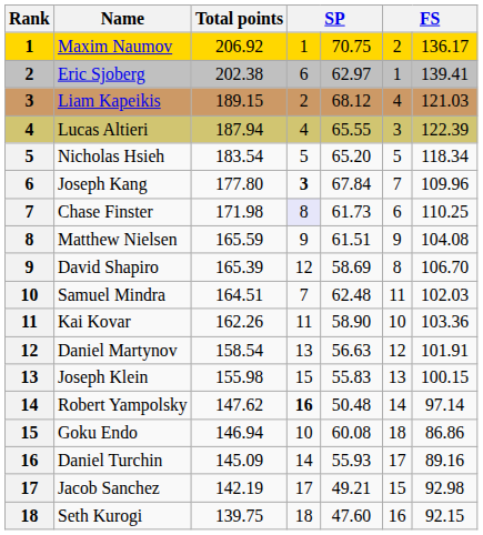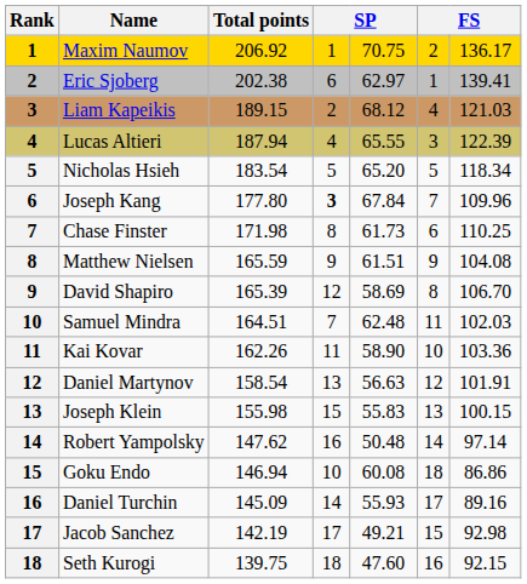 <table class="wikitable sortable">
 <tr>
 <th>Rank</th>
 <th>Name</th>
 <th>Total points</th>
 <th colspan="2" width="80px"><a href='#'>SP</a></th>
 <th colspan="2" width="80px"><a href='#'>FS</a></th>
 </tr>
 <tr bgcolor="gold">
 <td align="center"><strong>1</strong></td>
 <td><a href='#'>Maxim Naumov</a></td>
 <td align="center">206.92</td>
 <td align="center">1</td>
 <td align="center">70.75</td>
 <td align="center">2</td>
 <td align="center">136.17</td>
 </tr>
 <tr bgcolor="silver">
 <td align="center"><strong>2</strong></td>
 <td><a href='#'>Eric Sjoberg</a></td>
 <td align="center">202.38</td>
 <td align="center">6</td>
 <td align="center">62.97</td>
 <td align="center">1</td>
 <td align="center">139.41</td>
 </tr>
 <tr bgcolor="cc9966">
 <td align="center"><strong>3</strong></td>
 <td><a href='#'>Liam Kapeikis</a></td>
 <td align="center">189.15</td>
 <td align="center">2</td>
 <td align="center">68.12</td>
 <td align="center">4</td>
 <td align="center">121.03</td>
 </tr>
 <tr bgcolor="#d1c571">
 <td align="center"><strong>4</strong></td>
 <td>Lucas Altieri</td>
 <td align="center">187.94</td>
 <td align="center">4</td>
 <td align="center">65.55</td>
 <td align="center">3</td>
 <td align="center">122.39</td>
 </tr>
 <tr>
 <th>5</th>
 <td>Nicholas Hsieh</td>
 <td align="center">183.54</td>
 <td align="center">5</td>
 <td align="center">65.20</td>
 <td align="center">5</td>
 <td align="center">118.34</td>
 </tr>
 <tr>
 <th>6</th>
 <td>Joseph Kang</td>
 <td align="center">177.80</td>
 <td align="center"><strong>3</strong></td>
 <td align="center">67.84</td>
 <td align="center">7</td>
 <td align="center">109.96</td>
 </tr>
 <tr>
 <th>7</th>
 <td>Chase Finster</td>
 <td align="center">171.98</td>
-<td align="center" style="background: lavender;">8</td>
+<td align="center">8</td>
 <td align="center">61.73</td>
 <td align="center">6</td>
 <td align="center">110.25</td>
 </tr>
 <tr>
 <th>8</th>
 <td>Matthew Nielsen</td>
 <td align="center">165.59</td>
 <td align="center">9</td>
 <td align="center">61.51</td>
 <td align="center">9</td>
 <td align="center">104.08</td>
 </tr>
 <tr>
 <th>9</th>
 <td>David Shapiro</td>
 <td align="center">165.39</td>
 <td align="center">12</td>
 <td align="center">58.69</td>
 <td align="center">8</td>
 <td align="center">106.70</td>
 </tr>
 <tr>
 <th>10</th>
 <td>Samuel Mindra</td>
 <td align="center">164.51</td>
 <td align="center">7</td>
 <td align="center">62.48</td>
 <td align="center">11</td>
 <td align="center">102.03</td>
 </tr>
 <tr>
 <th>11</th>
 <td>Kai Kovar</td>
 <td align="center">162.26</td>
 <td align="center">11</td>
 <td align="center">58.90</td>
 <td align="center">10</td>
 <td align="center">103.36</td>
 </tr>
 <tr>
 <th>12</th>
 <td>Daniel Martynov</td>
 <td align="center">158.54</td>
 <td align="center">13</td>
 <td align="center">56.63</td>
 <td align="center">12</td>
 <td align="center">101.91</td>
 </tr>
 <tr>
 <th>13</th>
 <td>Joseph Klein</td>
 <td align="center">155.98</td>
 <td align="center">15</td>
 <td align="center">55.83</td>
 <td align="center">13</td>
 <td align="center">100.15</td>
 </tr>
 <tr>
 <th>14</th>
 <td>Robert Yampolsky</td>
 <td align="center">147.62</td>
-<td align="center"><strong>16</strong></td>
+<td align="center">16</td>
 <td align="center">50.48</td>
 <td align="center">14</td>
 <td align="center">97.14</td>
 </tr>
 <tr>
 <th>15</th>
 <td>Goku Endo</td>
 <td align="center">146.94</td>
 <td align="center">10</td>
 <td align="center">60.08</td>
 <td align="center">18</td>
 <td align="center">86.86</td>
 </tr>
 <tr>
 <th>16</th>
 <td>Daniel Turchin</td>
 <td align="center">145.09</td>
 <td align="center">14</td>
 <td align="center">55.93</td>
 <td align="center">17</td>
 <td align="center">89.16</td>
 </tr>
 <tr>
 <th>17</th>
 <td>Jacob Sanchez</td>
 <td align="center">142.19</td>
 <td align="center">17</td>
 <td align="center">49.21</td>
 <td align="center">15</td>
 <td align="center">92.98</td>
 </tr>
 <tr>
 <th>18</th>
 <td>Seth Kurogi</td>
 <td align="center">139.75</td>
 <td align="center">18</td>
 <td align="center">47.60</td>
 <td align="center">16</td>
 <td align="center">92.15</td>
 </tr>
 </table>
